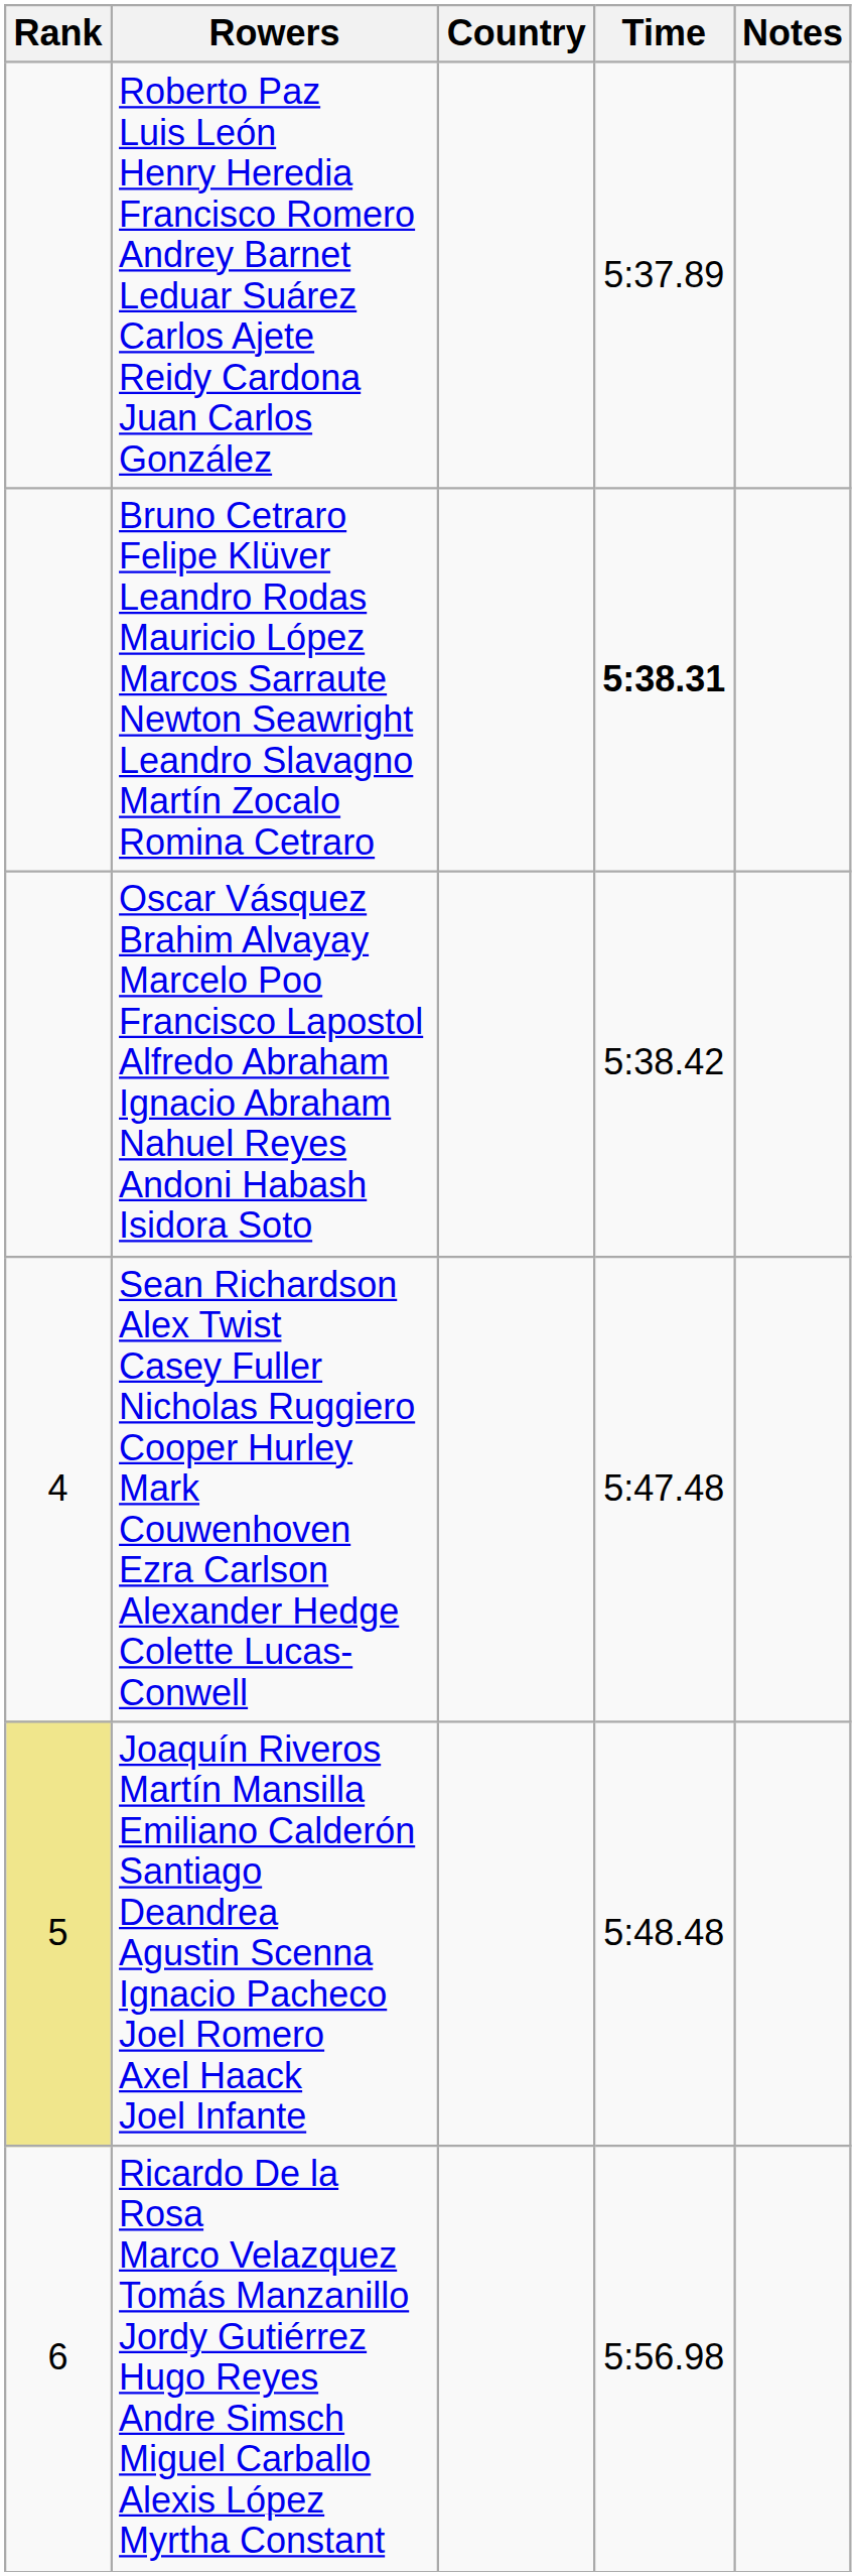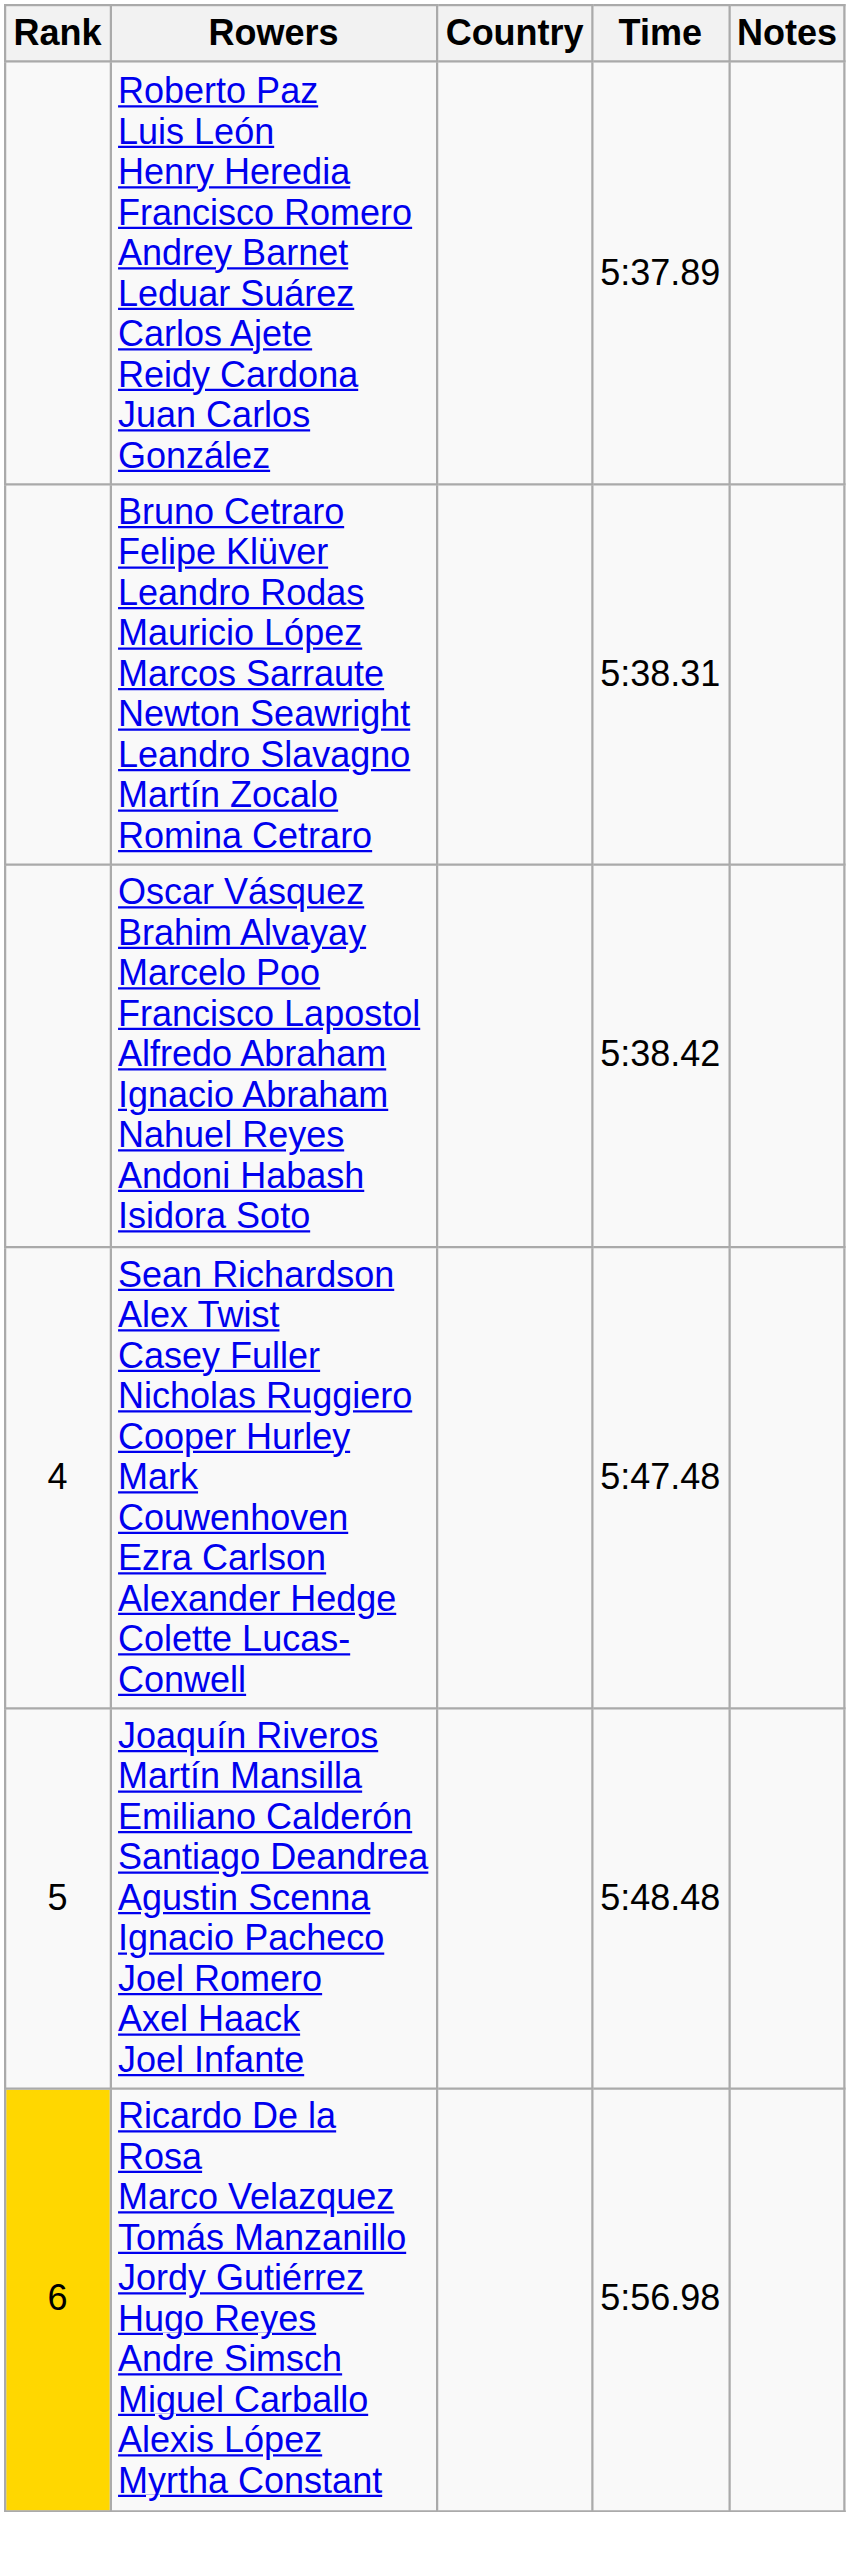 <table class="wikitable" width=60% style="text-align:center">
 <tr>
 <th>Rank</th>
 <th>Rowers</th>
 <th>Country</th>
 <th>Time</th>
 <th>Notes</th>
 </tr>
 <tr>
 <td></td>
 <td align=left><a href='#'>Roberto Paz</a><br><a href='#'>Luis León</a><br><a href='#'>Henry Heredia</a><br><a href='#'>Francisco Romero</a><br><a href='#'>Andrey Barnet</a><br><a href='#'>Leduar Suárez</a><br><a href='#'>Carlos Ajete</a><br><a href='#'>Reidy Cardona</a><br><a href='#'>Juan Carlos González</a></td>
 <td align=left></td>
 <td>5:37.89</td>
 <td></td>
 </tr>
 <tr>
 <td></td>
 <td align=left><a href='#'>Bruno Cetraro</a><br><a href='#'>Felipe Klüver</a><br><a href='#'>Leandro Rodas</a><br><a href='#'>Mauricio López</a><br><a href='#'>Marcos Sarraute</a><br><a href='#'>Newton Seawright</a><br><a href='#'>Leandro Slavagno</a><br><a href='#'>Martín Zocalo</a><br><a href='#'>Romina Cetraro</a></td>
 <td align="left"></td>
-<td><strong>5:38.31</strong></td>
+<td>5:38.31</td>
 <td></td>
 </tr>
 <tr>
 <td></td>
 <td align=left><a href='#'>Oscar Vásquez</a><br><a href='#'>Brahim Alvayay</a><br><a href='#'>Marcelo Poo</a><br><a href='#'>Francisco Lapostol</a><br><a href='#'>Alfredo Abraham</a><br><a href='#'>Ignacio Abraham</a><br><a href='#'>Nahuel Reyes</a><br><a href='#'>Andoni Habash</a><br><a href='#'>Isidora Soto</a></td>
 <td align=left></td>
 <td>5:38.42</td>
 <td></td>
 </tr>
 <tr>
 <td>4</td>
 <td align=left><a href='#'>Sean Richardson</a><br><a href='#'>Alex Twist</a><br><a href='#'>Casey Fuller</a><br><a href='#'>Nicholas Ruggiero</a><br><a href='#'>Cooper Hurley</a><br><a href='#'>Mark Couwenhoven</a><br><a href='#'>Ezra Carlson</a><br><a href='#'>Alexander Hedge</a><br><a href='#'>Colette Lucas-Conwell</a></td>
 <td align=left></td>
 <td>5:47.48</td>
 <td></td>
 </tr>
 <tr>
-<td style="background: khaki;">5</td>
+<td>5</td>
 <td align=left><a href='#'>Joaquín Riveros</a><br><a href='#'>Martín Mansilla</a><br><a href='#'>Emiliano Calderón</a><br><a href='#'>Santiago Deandrea</a><br><a href='#'>Agustin Scenna</a><br><a href='#'>Ignacio Pacheco</a><br><a href='#'>Joel Romero</a><br><a href='#'>Axel Haack</a><br><a href='#'>Joel Infante</a></td>
 <td align=left></td>
 <td>5:48.48</td>
 <td></td>
 </tr>
 <tr>
-<td>6</td>
+<td style="background: gold;">6</td>
 <td align=left><a href='#'>Ricardo De la Rosa</a><br><a href='#'>Marco Velazquez</a><br><a href='#'>Tomás Manzanillo</a><br><a href='#'>Jordy Gutiérrez</a><br><a href='#'>Hugo Reyes</a><br><a href='#'>Andre Simsch</a><br><a href='#'>Miguel Carballo</a><br><a href='#'>Alexis López</a><br><a href='#'>Myrtha Constant</a></td>
 <td align=left></td>
 <td>5:56.98</td>
 <td></td>
 </tr>
 <tr>
 </tr>
 </table>
